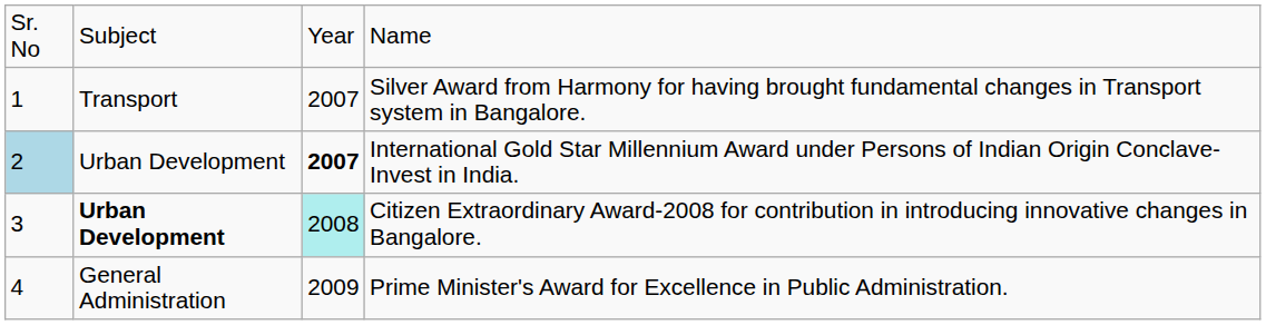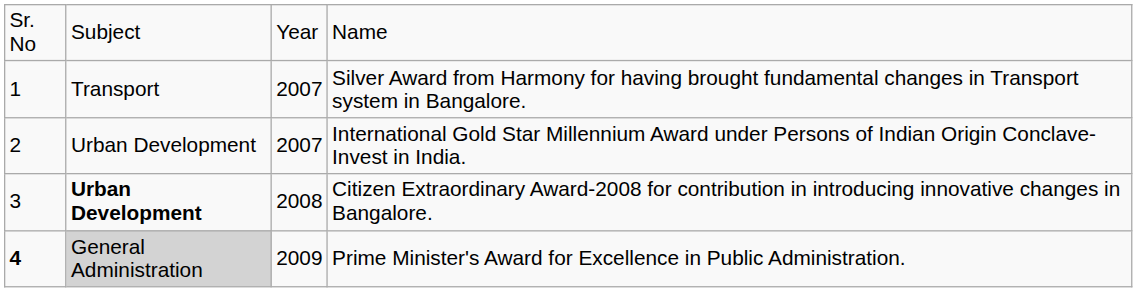 <table class="wikitable">
 <tr>
 <td>Sr. No</td>
 <td>Subject</td>
 <td>Year</td>
 <td>Name</td>
 </tr>
 <tr>
 <td>1</td>
 <td>Transport</td>
 <td>2007</td>
 <td>Silver Award from Harmony for having brought fundamental changes in Transport system in Bangalore.</td>
 </tr>
 <tr>
-<td style="background: lightblue;">2</td>
+<td>2</td>
 <td>Urban Development</td>
-<td><strong>2007</strong></td>
+<td>2007</td>
 <td>International Gold Star Millennium Award under Persons of Indian Origin Conclave-Invest in India.</td>
 </tr>
 <tr>
 <td>3</td>
 <td><strong>Urban Development</strong></td>
-<td style="background: paleturquoise;">2008</td>
+<td>2008</td>
 <td>Citizen Extraordinary Award-2008 for contribution in introducing innovative changes in Bangalore.</td>
 </tr>
 <tr>
-<td>4</td>
-<td>General Administration</td>
+<td><strong>4</strong></td>
+<td style="background: lightgrey;">General Administration</td>
 <td>2009</td>
 <td>Prime Minister's Award for Excellence in Public Administration.</td>
 </tr>
 </table>
